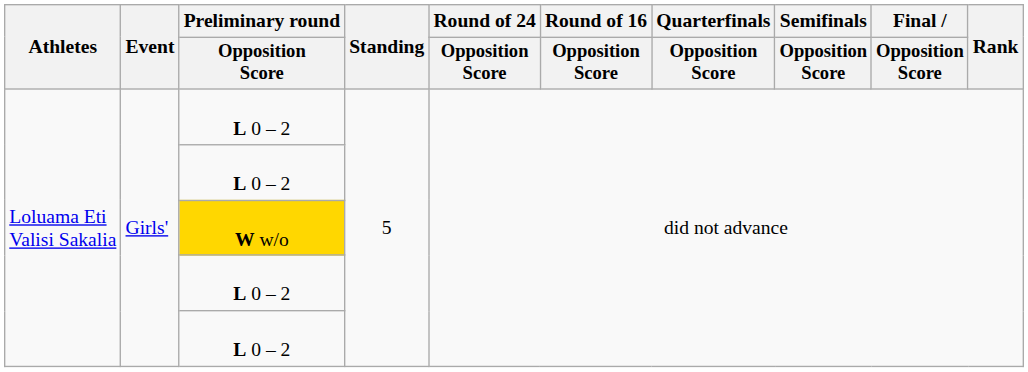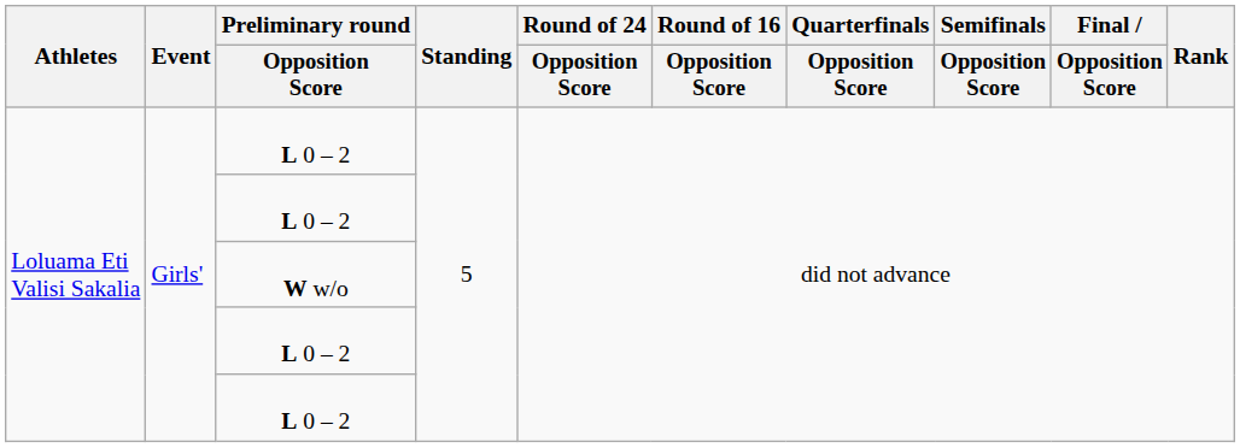 <table class=wikitable style="font-size:90%">
 <tr>
 <th rowspan="2">Athletes</th>
 <th rowspan="2">Event</th>
 <th>Preliminary round</th>
 <th rowspan="2">Standing</th>
 <th>Round of 24</th>
 <th>Round of 16</th>
 <th>Quarterfinals</th>
 <th>Semifinals</th>
 <th>Final / </th>
 <th rowspan=2>Rank</th>
 </tr>
 <tr style="font-size:95%">
 <th>Opposition<br>Score</th>
 <th>Opposition<br>Score</th>
 <th>Opposition<br>Score</th>
 <th>Opposition<br>Score</th>
 <th>Opposition<br>Score</th>
 <th>Opposition<br>Score</th>
 </tr>
 <tr align=center>
 <td align=left rowspan=5><a href='#'>Loluama Eti</a><br><a href='#'>Valisi Sakalia</a></td>
 <td align=left rowspan=5><a href='#'>Girls'</a></td>
 <td><br><strong>L</strong> 0 – 2</td>
 <td rowspan=5>5</td>
 <td rowspan=5 colspan=6>did not advance</td>
 </tr>
 <tr align=center>
 <td><br><strong>L</strong> 0 – 2</td>
 </tr>
 <tr align=center>
-<td style="background: gold;"><br><strong>W</strong> w/o</td>
+<td><br><strong>W</strong> w/o</td>
 </tr>
 <tr align=center>
 <td><br><strong>L</strong> 0 – 2</td>
 </tr>
 <tr align=center>
 <td><br><strong>L</strong> 0 – 2</td>
 </tr>
 </table>
